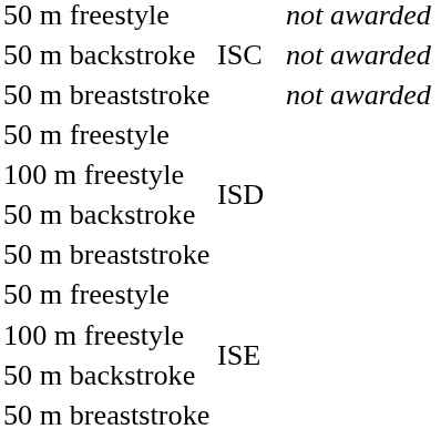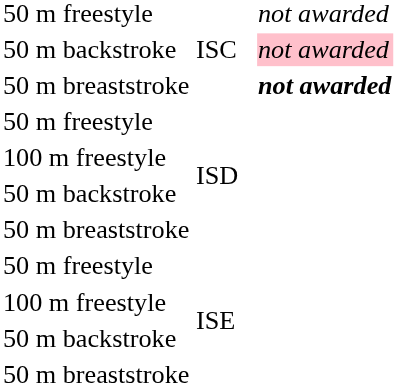 <table>
 <tr>
 <td>50 m freestyle</td>
 <td rowspan=3>ISC</td>
 <td></td>
 <td></td>
 <td><em>not awarded</em></td>
 </tr>
 <tr>
 <td>50 m backstroke</td>
 <td></td>
 <td></td>
-<td><em>not awarded</em></td>
+<td style="background: pink;"><em>not awarded</em></td>
 </tr>
 <tr>
 <td>50 m breaststroke</td>
 <td></td>
 <td></td>
-<td><em>not awarded</em></td>
+<td><strong><em>not awarded</em></strong></td>
 </tr>
 <tr>
 <td>50 m freestyle</td>
 <td rowspan=4>ISD</td>
 <td></td>
 <td></td>
 <td></td>
 </tr>
 <tr>
 <td>100 m freestyle</td>
 <td></td>
 <td></td>
 <td></td>
 </tr>
 <tr>
 <td>50 m backstroke</td>
 <td></td>
 <td></td>
 <td></td>
 </tr>
 <tr>
 <td>50 m breaststroke</td>
 <td></td>
 <td></td>
 <td></td>
 </tr>
 <tr>
 <td>50 m freestyle</td>
 <td rowspan=4>ISE</td>
 <td></td>
 <td></td>
 <td></td>
 </tr>
 <tr>
 <td>100 m freestyle</td>
 <td></td>
 <td></td>
 <td></td>
 </tr>
 <tr>
 <td>50 m backstroke</td>
 <td></td>
 <td></td>
 <td></td>
 </tr>
 <tr>
 <td>50 m breaststroke</td>
 <td></td>
 <td></td>
 <td></td>
 </tr>
 </table>
